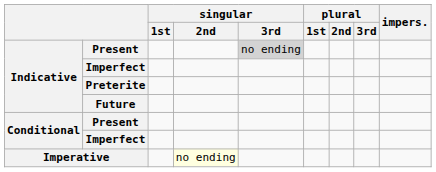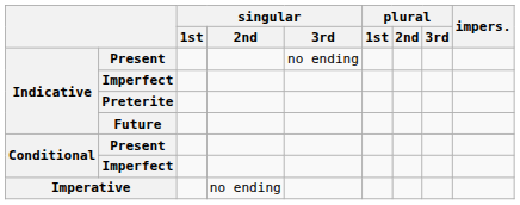 <table class="wikitable">
 <tr>
 <th rowspan="2" colspan="2"></th>
 <th colspan="3">singular</th>
 <th colspan="3">plural</th>
 <th rowspan="2">impers.</th>
 </tr>
 <tr>
 <th>1st</th>
 <th>2nd</th>
 <th>3rd</th>
 <th>1st</th>
 <th>2nd</th>
 <th>3rd</th>
 </tr>
 <tr>
 <th rowspan="4">Indicative</th>
 <th>Present</th>
 <td></td>
 <td></td>
-<td style="background: lightgrey;">no ending</td>
+<td>no ending</td>
 <td></td>
 <td></td>
 <td></td>
 <td></td>
 </tr>
 <tr>
 <th>Imperfect</th>
 <td></td>
 <td></td>
 <td></td>
 <td></td>
 <td></td>
 <td></td>
 <td></td>
 </tr>
 <tr>
 <th>Preterite</th>
 <td></td>
 <td></td>
 <td></td>
 <td></td>
 <td></td>
 <td></td>
 <td></td>
 </tr>
 <tr>
 <th>Future</th>
 <td></td>
 <td></td>
 <td></td>
 <td></td>
 <td></td>
 <td></td>
 <td></td>
 </tr>
 <tr>
 <th rowspan="2">Conditional</th>
 <th>Present</th>
 <td></td>
 <td></td>
 <td></td>
 <td></td>
 <td></td>
 <td></td>
 <td></td>
 </tr>
 <tr>
 <th>Imperfect</th>
 <td></td>
 <td></td>
 <td></td>
 <td></td>
 <td></td>
 <td></td>
 <td></td>
 </tr>
 <tr>
 <th colspan="2">Imperative</th>
 <td></td>
-<td style="background: lightyellow;">no ending</td>
+<td>no ending</td>
 <td></td>
 <td></td>
 <td></td>
 <td></td>
 <td></td>
 </tr>
 </table>
